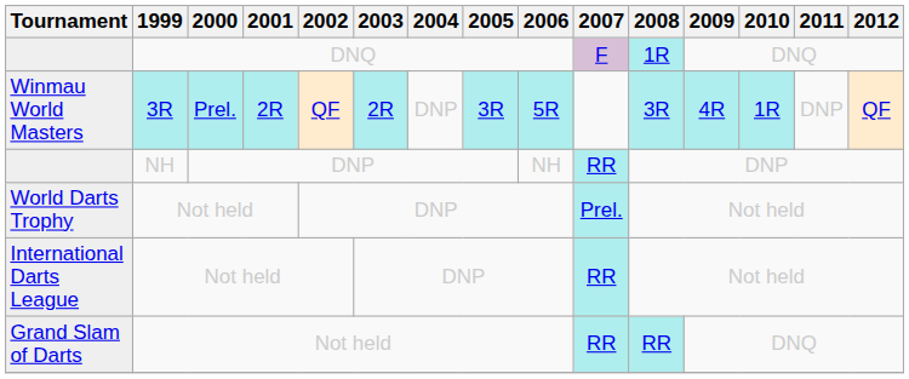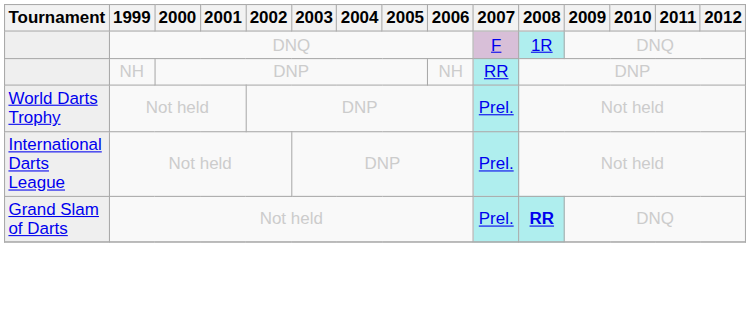 <table class="wikitable" style="width:50%; margin:0">
 <tr>
 <th>Tournament</th>
 <th>1999</th>
 <th>2000</th>
 <th>2001</th>
 <th>2002</th>
 <th>2003</th>
 <th>2004</th>
 <th>2005</th>
 <th>2006</th>
 <th>2007</th>
 <th>2008</th>
 <th>2009</th>
 <th>2010</th>
 <th>2011</th>
 <th>2012</th>
 </tr>
 <tr>
 <td style="background:#efefef;"></td>
 <td colspan="8" style="text-align:center; color:#ccc;">DNQ</td>
 <td style="text-align:center; background:thistle;"><a href='#'>F</a></td>
 <td style="text-align:center; background:#afeeee;"><a href='#'>1R</a></td>
 <td colspan="4" style="text-align:center; color:#ccc;">DNQ</td>
 </tr>
 <tr>
-<td style="background:#efefef;"><a href='#'>Winmau World Masters</a></td>
-<td style="text-align:center; background:#afeeee;"><a href='#'>3R</a></td>
-<td style="text-align:center; background:#afeeee;"><a href='#'>Prel.</a></td>
-<td style="text-align:center; background:#afeeee;"><a href='#'>2R</a></td>
-<td style="text-align:center; background:#ffebcd;"><a href='#'>QF</a></td>
-<td style="text-align:center; background:#afeeee;"><a href='#'>2R</a></td>
-<td style="text-align:center; color:#ccc;">DNP</td>
-<td style="text-align:center; background:#afeeee;"><a href='#'>3R</a></td>
-<td style="text-align:center; background:#afeeee;"><a href='#'>5R</a></td>
-<td style="text-align:center;"></td>
-<td style="text-align:center; background:#afeeee;"><a href='#'>3R</a></td>
-<td style="text-align:center; background:#afeeee;"><a href='#'>4R</a></td>
-<td style="text-align:center; background:#afeeee;"><a href='#'>1R</a></td>
-<td style="text-align:center; color:#ccc;">DNP</td>
-<td style="text-align:center; background:#ffebcd;"><a href='#'>QF</a></td>
-</tr>
-<tr>
 <td style="background:#efefef;"></td>
 <td style="text-align:center; color:#ccc;">NH</td>
 <td colspan="6" style="text-align:center; color:#ccc;">DNP</td>
 <td style="text-align:center; color:#ccc;">NH</td>
 <td style="text-align:center; background:#afeeee;"><a href='#'>RR</a></td>
 <td colspan="5" style="text-align:center; color:#ccc;">DNP</td>
 </tr>
 <tr>
 <td style="background:#efefef;"><a href='#'>World Darts Trophy</a></td>
 <td colspan="3" style="text-align:center; color:#ccc;">Not held</td>
 <td colspan="5" style="text-align:center; color:#ccc;">DNP</td>
 <td style="text-align:center; background:#afeeee;"><a href='#'>Prel.</a></td>
 <td colspan="5" style="text-align:center; color:#ccc;">Not held</td>
 </tr>
 <tr>
 <td style="background:#efefef;"><a href='#'>International Darts League</a></td>
 <td colspan="4" style="text-align:center; color:#ccc;">Not held</td>
 <td colspan="4" style="text-align:center; color:#ccc;">DNP</td>
-<td style="text-align:center; background:#afeeee;"><a href='#'>RR</a></td>
+<td style="text-align:center; background:#afeeee;"><a href='#'>Prel.</a></td>
 <td colspan="5" style="text-align:center; color:#ccc;">Not held</td>
 </tr>
 <tr>
 <td style="background:#efefef;"><a href='#'>Grand Slam of Darts</a></td>
 <td colspan="8" style="text-align:center; color:#ccc;">Not held</td>
-<td style="text-align:center; background:#afeeee;"><a href='#'>RR</a></td>
-<td style="text-align:center; background:#afeeee;"><a href='#'>RR</a></td>
+<td style="text-align:center; background:#afeeee;"><a href='#'>Prel.</a></td>
+<td style="text-align:center; background:#afeeee;"><strong><a href='#'>RR</a></strong></td>
 <td colspan="4" style="text-align:center; color:#ccc;">DNQ</td>
 </tr>
 <tr>
 </tr>
 </table>
